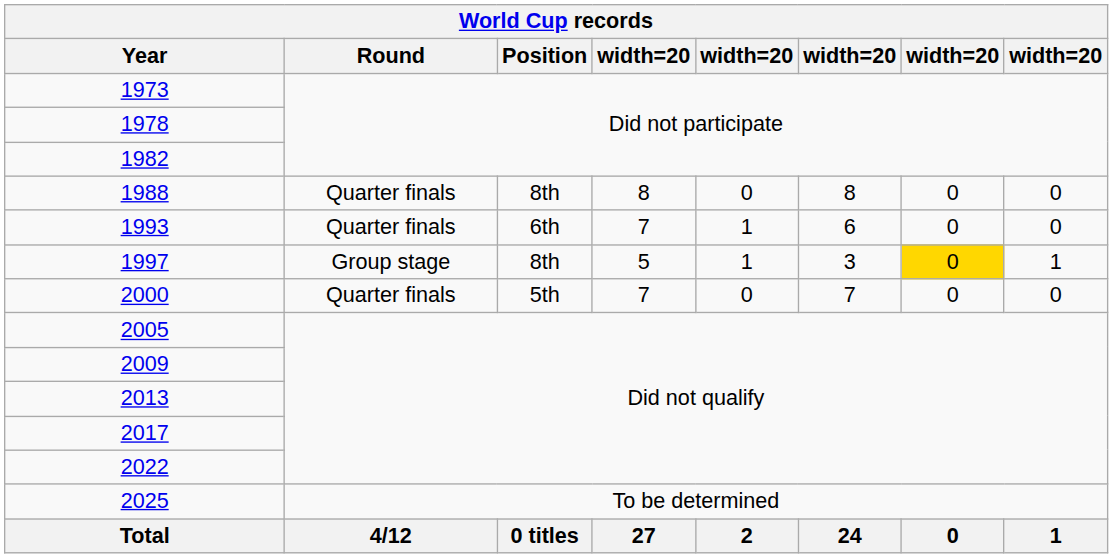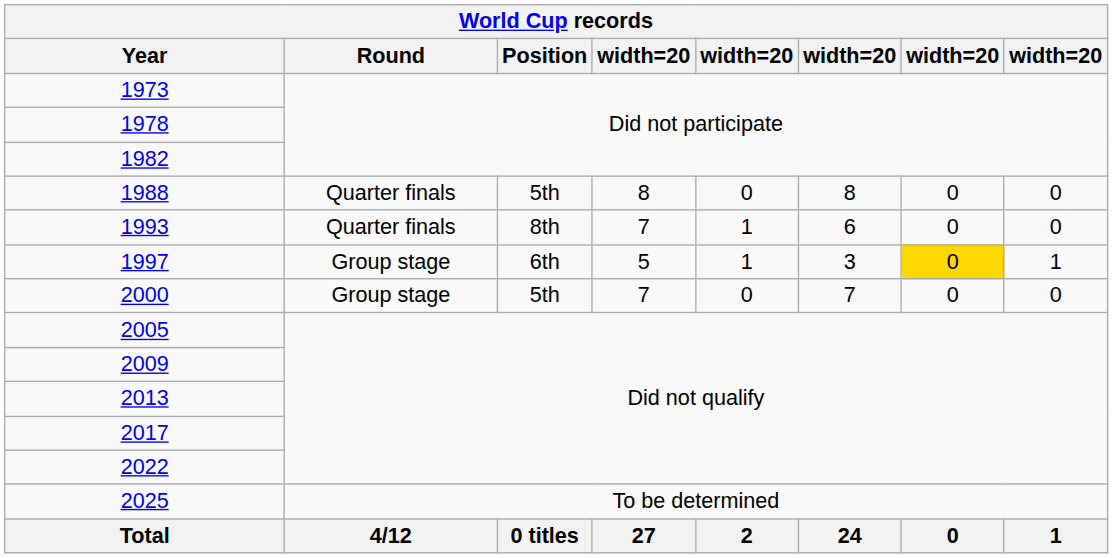 <table class="wikitable" style="text-align: center;">
 <tr>
 <th colspan=9><a href='#'>World Cup</a> records</th>
 </tr>
 <tr>
 <th width=200>Year</th>
 <th width=150>Round</th>
 <th width=50>Position</th>
 <th>width=20</th>
 <th>width=20</th>
 <th>width=20</th>
 <th>width=20</th>
 <th>width=20</th>
 </tr>
 <tr>
 <td> <a href='#'>1973</a></td>
 <td rowspan= 3 colspan=8>Did not participate</td>
 </tr>
 <tr>
 <td> <a href='#'>1978</a></td>
 </tr>
 <tr>
 <td> <a href='#'>1982</a></td>
 </tr>
 <tr>
 <td> <a href='#'>1988</a></td>
 <td>Quarter finals</td>
-<td>8th</td>
+<td>5th</td>
 <td>8</td>
 <td>0</td>
 <td>8</td>
 <td>0</td>
 <td>0</td>
 </tr>
 <tr>
 <td> <a href='#'>1993</a></td>
 <td>Quarter finals</td>
-<td>6th</td>
+<td>8th</td>
 <td>7</td>
 <td>1</td>
 <td>6</td>
 <td>0</td>
 <td>0</td>
 </tr>
 <tr>
 <td> <a href='#'>1997</a></td>
 <td>Group stage</td>
-<td>8th</td>
+<td>6th</td>
 <td>5</td>
 <td>1</td>
 <td>3</td>
 <td style="background: gold;">0</td>
 <td>1</td>
 </tr>
 <tr>
 <td> <a href='#'>2000</a></td>
-<td>Quarter finals</td>
+<td>Group stage</td>
 <td>5th</td>
 <td>7</td>
 <td>0</td>
 <td>7</td>
 <td>0</td>
 <td>0</td>
 </tr>
 <tr>
 <td> <a href='#'>2005</a></td>
 <td rowspan=5 colspan=8>Did not qualify</td>
 </tr>
 <tr>
 <td> <a href='#'>2009</a></td>
 </tr>
 <tr>
 <td> <a href='#'>2013</a></td>
 </tr>
 <tr>
 <td> <a href='#'>2017</a></td>
 </tr>
 <tr>
 <td> <a href='#'>2022</a></td>
 </tr>
 <tr>
 <td> <a href='#'>2025</a></td>
 <td rowspan=1 colspan=8>To be determined</td>
 </tr>
 <tr>
 <th>Total</th>
 <th>4/12</th>
 <th>0 titles</th>
 <th>27</th>
 <th>2</th>
 <th>24</th>
 <th>0</th>
 <th>1</th>
 </tr>
 </table>
